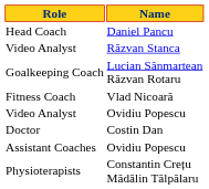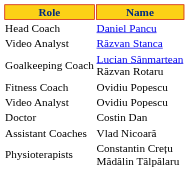 <table class="toccolours">
 <tr>
 <th style="background:#FCD116;color:#002B7F;border:1px solid #CE1126;">Role</th>
 <th style="background:#FCD116;color:#002B7F;border:1px solid #CE1126;">Name</th>
 </tr>
 <tr>
 <td>Head Coach</td>
 <td> <a href='#'>Daniel Pancu</a></td>
 </tr>
 <tr>
 <td>Video Analyst</td>
 <td> <a href='#'>Răzvan Stanca</a></td>
 </tr>
 <tr>
 <td>Goalkeeping Coach</td>
 <td> <a href='#'>Lucian Sânmartean</a> <br>  Răzvan Rotaru</td>
 </tr>
 <tr>
 <td>Fitness Coach</td>
-<td> Vlad Nicoară</td>
+<td> Ovidiu Popescu</td>
 </tr>
 <tr>
 <td>Video Analyst</td>
 <td> Ovidiu Popescu</td>
 </tr>
 <tr>
 <td>Doctor</td>
 <td> Costin Dan</td>
 </tr>
 <tr>
 <td>Assistant Coaches</td>
-<td> Ovidiu Popescu</td>
+<td> Vlad Nicoară</td>
 </tr>
 <tr>
 <td>Physioterapists</td>
 <td> Constantin Crețu <br>  Mădălin Tălpălaru</td>
 </tr>
 </table>
